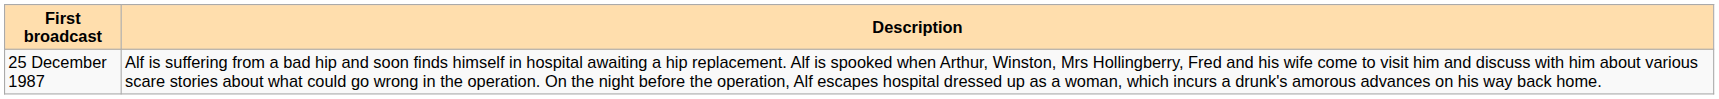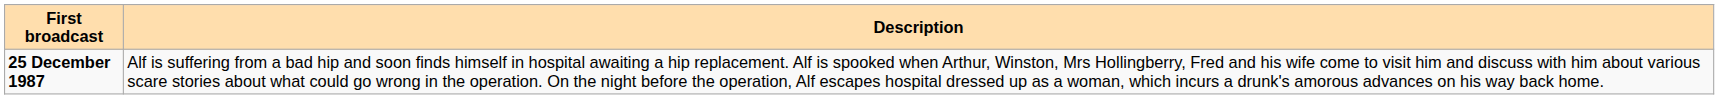 <table class="wikitable" border="1" style="font-size: 94%">
 <tr>
 <th style="background:#ffdead">First broadcast</th>
 <th style="background:#ffdead">Description</th>
 </tr>
 <tr>
-<td>25 December 1987</td>
+<td><strong>25 December 1987</strong></td>
 <td>Alf is suffering from a bad hip and soon finds himself in hospital awaiting a hip replacement. Alf is spooked when Arthur, Winston, Mrs Hollingberry, Fred and his wife come to visit him and discuss with him about various scare stories about what could go wrong in the operation. On the night before the operation, Alf escapes hospital dressed up as a woman, which incurs a drunk's amorous advances on his way back home.</td>
 </tr>
 </table>
